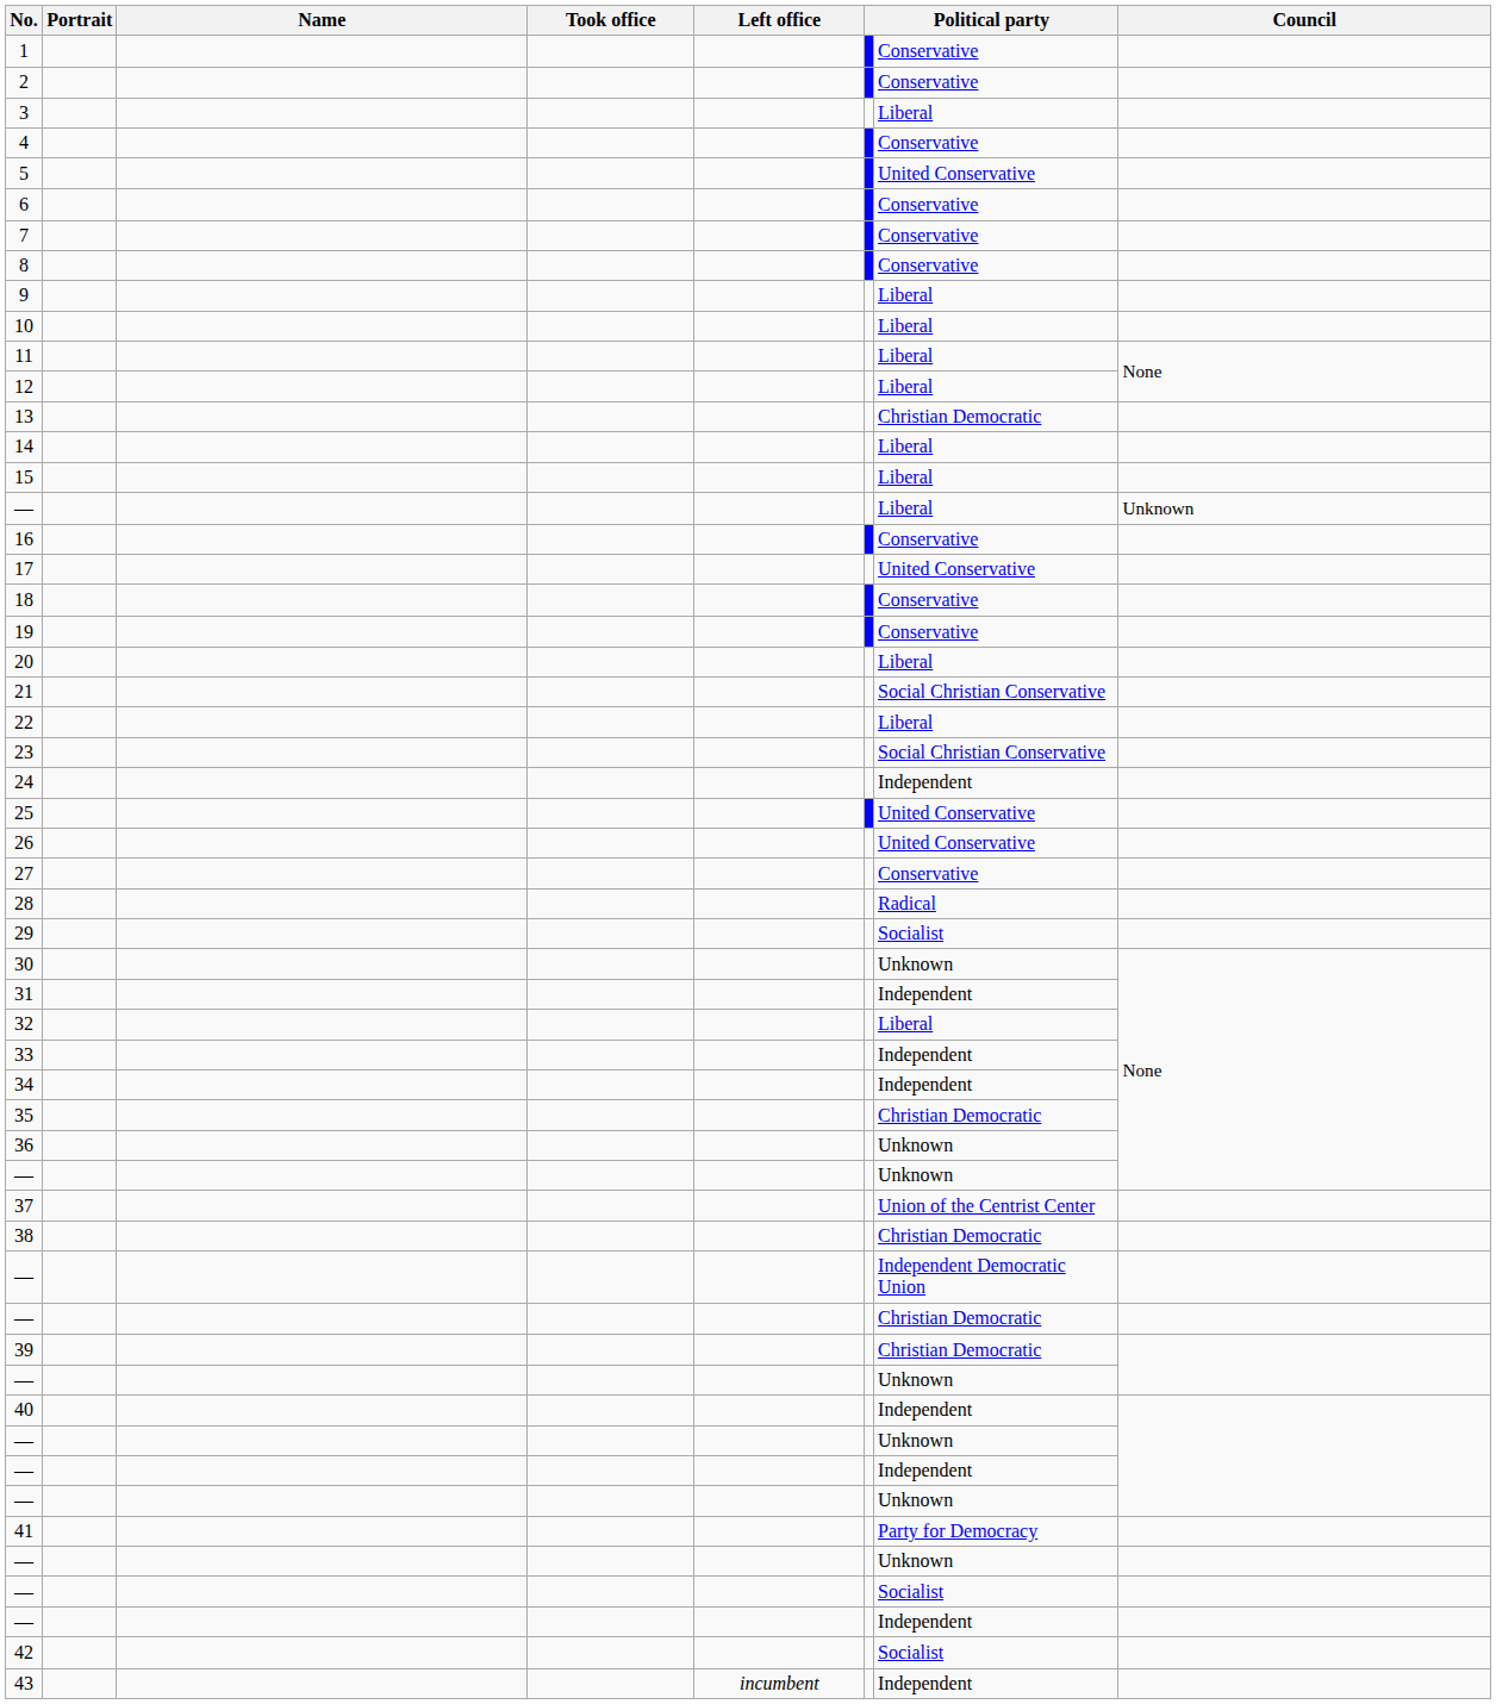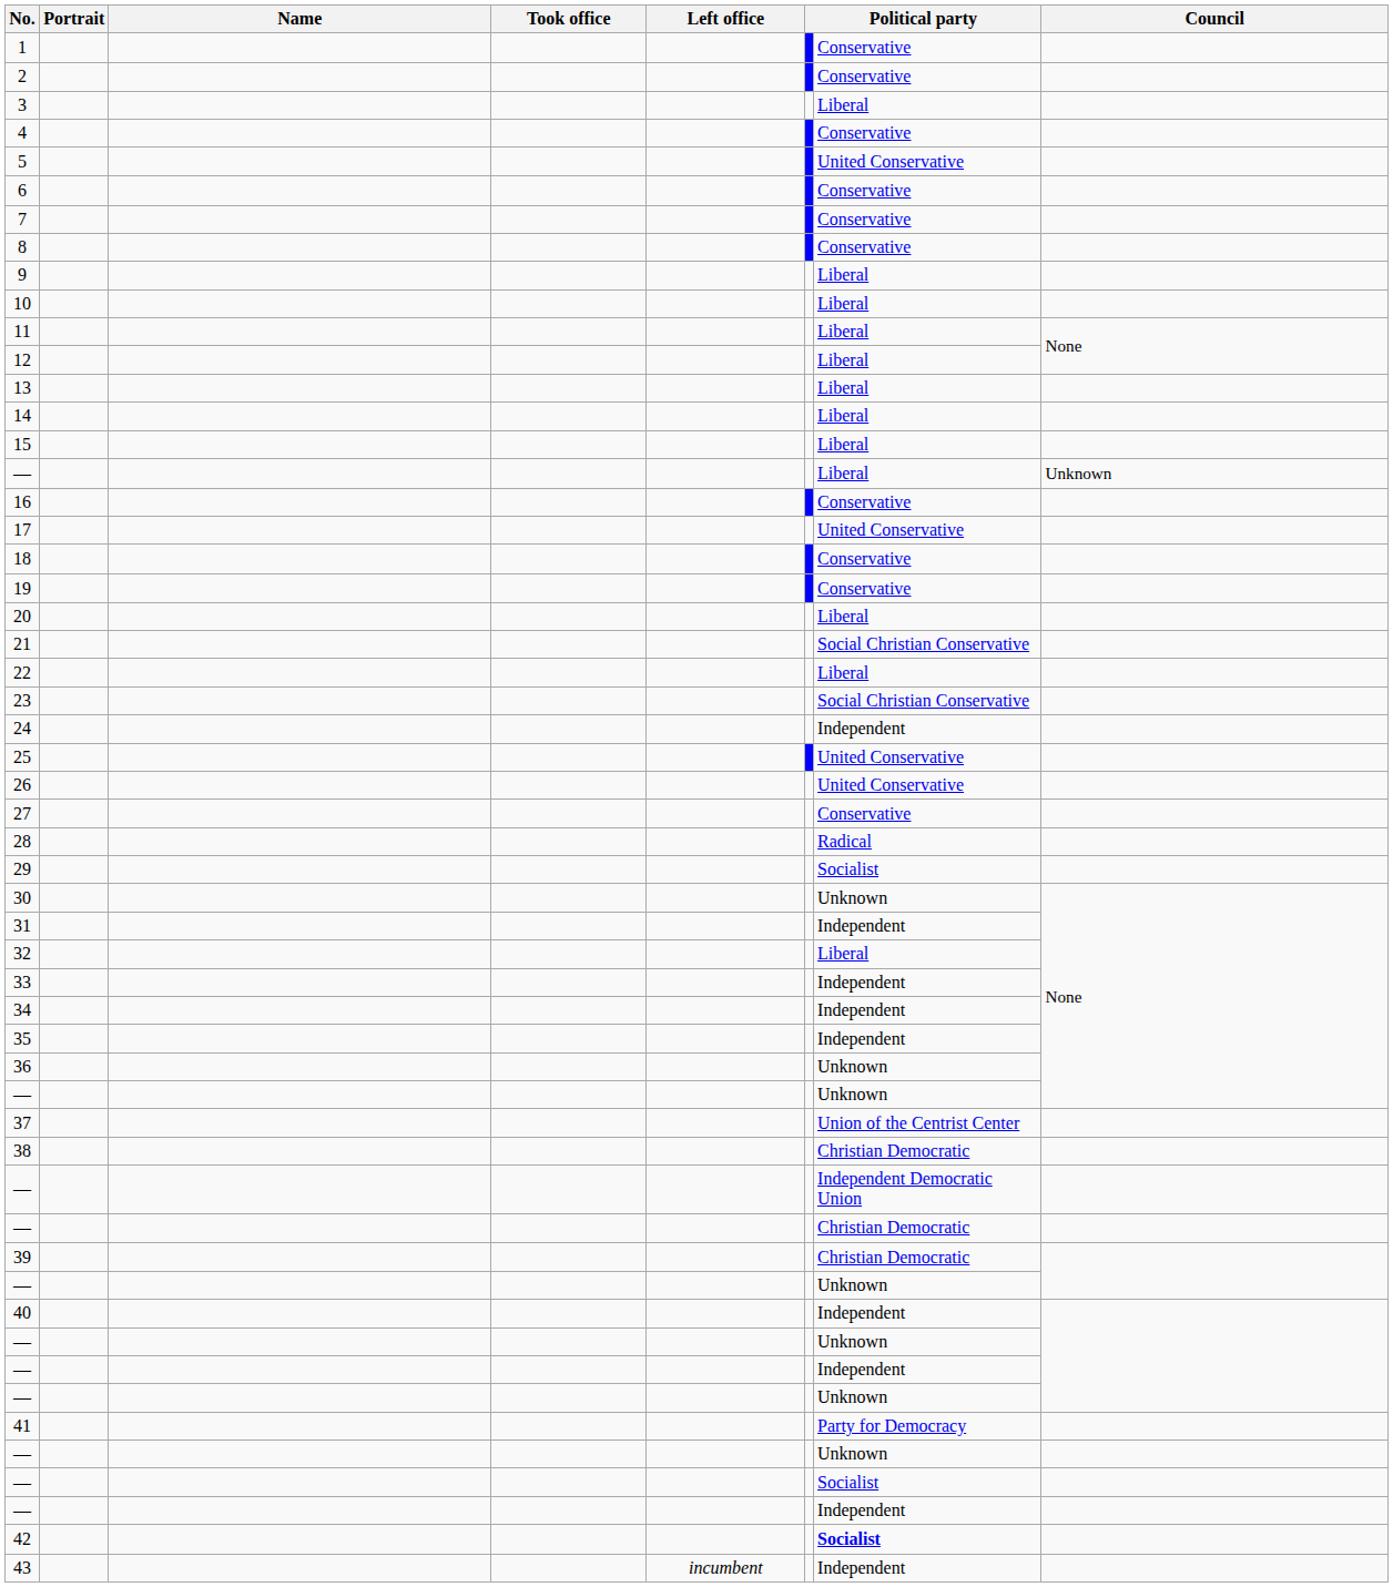 <table class="wikitable sortable">
 <tr>
 <th scope="col" width=1%  align=center>No.</th>
 <th scope="col" style="width:100px;" class=unsortable>Portrait</th>
 <th scope="col" width=30%>Name</th>
 <th scope="col" width=12%>Took office</th>
 <th scope="col" width=12%>Left office</th>
 <th scope="col" colspan="2" width=18% style="padding:0.1em 0em">Political party</th>
 <th scope="col" width=40% class=unsortable>Council</th>
 </tr>
 <tr>
 <td scope="row" style="text-align:center;">1</td>
 <td style="text-align:center;"></td>
 <td></td>
 <td style="text-align:center;"></td>
 <td style="text-align:center;"></td>
 <td bgcolor=blue></td>
 <td><a href='#'>Conservative</a></td>
 <td style="font-size:95%; line-height:1.3em;"><br>  </td>
 </tr>
 <tr>
 <td scope="row" style="text-align:center;">2</td>
 <td style="text-align:center;"></td>
 <td></td>
 <td style="text-align:center;"></td>
 <td style="text-align:center;"></td>
 <td bgcolor=blue></td>
 <td><a href='#'>Conservative</a></td>
 <td style="font-size:95%; line-height:1.3em;"></td>
 </tr>
 <tr>
 <td scope="row" style="text-align:center;">3</td>
 <td style="text-align:center;"></td>
 <td></td>
 <td style="text-align:center;"></td>
 <td style="text-align:center;"></td>
 <td bgcolor=></td>
 <td><a href='#'>Liberal</a></td>
 <td style="font-size:95%; line-height:1.3em;"></td>
 </tr>
 <tr>
 <td scope="row" style="text-align:center;">4</td>
 <td style="text-align:center;"></td>
 <td></td>
 <td style="text-align:center;"></td>
 <td style="text-align:center;"></td>
 <td bgcolor=blue></td>
 <td><a href='#'>Conservative</a></td>
 <td style="font-size:95%; line-height:1.3em;"></td>
 </tr>
 <tr>
 <td scope="row" style="text-align:center;">5</td>
 <td style="text-align:center;"></td>
 <td></td>
 <td style="text-align:center;"></td>
 <td style="text-align:center;"></td>
 <td bgcolor=blue></td>
 <td><a href='#'>United Conservative</a></td>
 <td style="font-size:95%; line-height:1.3em;"></td>
 </tr>
 <tr>
 <td scope="row" style="text-align:center;">6</td>
 <td style="text-align:center;"></td>
 <td></td>
 <td style="text-align:center;"></td>
 <td style="text-align:center;"></td>
 <td bgcolor=blue></td>
 <td><a href='#'>Conservative</a></td>
 <td style="font-size:95%; line-height:1.3em;"><br> </td>
 </tr>
 <tr>
 <td scope="row" style="text-align:center;">7</td>
 <td style="text-align:center;"></td>
 <td></td>
 <td style="text-align:center;"></td>
 <td style="text-align:center;"></td>
 <td bgcolor=blue></td>
 <td><a href='#'>Conservative</a></td>
 <td style="font-size:95%; line-height:1.3em;"></td>
 </tr>
 <tr>
 <td scope="row" style="text-align:center;">8</td>
 <td style="text-align:center;"></td>
 <td></td>
 <td style="text-align:center;"></td>
 <td style="text-align:center;"></td>
 <td bgcolor=blue></td>
 <td><a href='#'>Conservative</a></td>
 <td style="font-size:95%; line-height:1.3em;"></td>
 </tr>
 <tr>
 <td scope="row" style="text-align:center;">9</td>
 <td style="text-align:center;"></td>
 <td></td>
 <td style="text-align:center;"></td>
 <td style="text-align:center;"></td>
 <td bgcolor=></td>
 <td><a href='#'>Liberal</a></td>
 <td style="font-size:95%; line-height:1.3em;"></td>
 </tr>
 <tr>
 <td scope="row" style="text-align:center;">10</td>
 <td style="text-align:center;"></td>
 <td></td>
 <td style="text-align:center;"></td>
 <td style="text-align:center;"></td>
 <td bgcolor=></td>
 <td><a href='#'>Liberal</a></td>
 <td style="font-size:95%; line-height:1.3em;"></td>
 </tr>
 <tr>
 <td scope="row" style="text-align:center;">11</td>
 <td style="text-align:center;"></td>
 <td></td>
 <td style="text-align:center;"></td>
 <td style="text-align:center;"></td>
 <td bgcolor=></td>
 <td><a href='#'>Liberal</a></td>
 <td rowspan=2 style="font-size:95%; line-height:1.3em;">None</td>
 </tr>
 <tr>
 <td scope="row" style="text-align:center;">12</td>
 <td style="text-align:center;"></td>
 <td></td>
 <td style="text-align:center;"></td>
 <td style="text-align:center;"></td>
 <td bgcolor=></td>
 <td><a href='#'>Liberal</a></td>
 </tr>
 <tr>
 <td scope="row" style="text-align:center;">13</td>
 <td style="text-align:center;"></td>
 <td></td>
 <td style="text-align:center;"></td>
 <td style="text-align:center;"></td>
 <td bgcolor=></td>
-<td><a href='#'>Christian Democratic</a></td>
+<td><a href='#'>Liberal</a></td>
 <td style="font-size:95%; line-height:1.3em;"></td>
 </tr>
 <tr>
 <td scope="row" style="text-align:center;">14</td>
 <td style="text-align:center;"></td>
 <td></td>
 <td style="text-align:center;"></td>
 <td style="text-align:center;"></td>
 <td bgcolor=></td>
 <td><a href='#'>Liberal</a></td>
 <td style="font-size:95%; line-height:1.3em;"></td>
 </tr>
 <tr>
 <td scope="row" style="text-align:center;">15</td>
 <td style="text-align:center;"></td>
 <td></td>
 <td style="text-align:center;"></td>
 <td style="text-align:center;"></td>
 <td bgcolor=></td>
 <td><a href='#'>Liberal</a></td>
 <td style="font-size:95%; line-height:1.3em;"></td>
 </tr>
 <tr>
 <td scope="row" style="text-align:center;">—</td>
 <td style="text-align:center;"></td>
 <td></td>
 <td style="text-align:center;"></td>
 <td style="text-align:center;"></td>
 <td bgcolor=></td>
 <td><a href='#'>Liberal</a></td>
 <td style="font-size:95%; line-height:1.3em;">Unknown</td>
 </tr>
 <tr>
 <td scope="row" style="text-align:center;">16</td>
 <td style="text-align:center;"></td>
 <td></td>
 <td style="text-align:center;"></td>
 <td style="text-align:center;"></td>
 <td bgcolor=blue></td>
 <td><a href='#'>Conservative</a></td>
 <td style="font-size:95%; line-height:1.3em;"></td>
 </tr>
 <tr>
 <td scope="row" style="text-align:center;">17</td>
 <td style="text-align:center;"></td>
 <td></td>
 <td style="text-align:center;"></td>
 <td style="text-align:center;"></td>
 <td bgcolor=></td>
 <td><a href='#'>United Conservative</a></td>
 <td style="font-size:95%; line-height:1.3em;"></td>
 </tr>
 <tr>
 <td scope="row" style="text-align:center;">18</td>
 <td style="text-align:center;"></td>
 <td></td>
 <td style="text-align:center;"></td>
 <td style="text-align:center;"></td>
 <td bgcolor=blue></td>
 <td><a href='#'>Conservative</a></td>
 <td style="font-size:95%; line-height:1.3em;"><br></td>
 </tr>
 <tr>
 <td scope="row" style="text-align:center;">19</td>
 <td style="text-align:center;"></td>
 <td></td>
 <td style="text-align:center;"></td>
 <td style="text-align:center;"></td>
 <td bgcolor=blue></td>
 <td><a href='#'>Conservative</a></td>
 <td style="font-size:95%; line-height:1.3em;"></td>
 </tr>
 <tr>
 <td scope="row" style="text-align:center;">20</td>
 <td style="text-align:center;"></td>
 <td></td>
 <td style="text-align:center;"></td>
 <td style="text-align:center;"></td>
 <td bgcolor=></td>
 <td><a href='#'>Liberal</a></td>
 <td style="font-size:95%; line-height:1.3em;"></td>
 </tr>
 <tr>
 <td scope="row" style="text-align:center;">21</td>
 <td style="text-align:center;"></td>
 <td></td>
 <td style="text-align:center;"></td>
 <td style="text-align:center;"></td>
 <td bgcolor=></td>
 <td><a href='#'>Social Christian Conservative</a></td>
 <td style="font-size:95%; line-height:1.3em;"></td>
 </tr>
 <tr>
 <td scope="row" style="text-align:center;">22</td>
 <td style="text-align:center;"></td>
 <td></td>
 <td style="text-align:center;"></td>
 <td style="text-align:center;"></td>
 <td bgcolor=></td>
 <td><a href='#'>Liberal</a></td>
 <td style="font-size:95%; line-height:1.3em;"></td>
 </tr>
 <tr>
 <td scope="row" style="text-align:center;">23</td>
 <td style="text-align:center;"></td>
 <td></td>
 <td style="text-align:center;"></td>
 <td style="text-align:center;"></td>
 <td bgcolor=></td>
 <td><a href='#'>Social Christian Conservative</a></td>
 <td style="font-size:95%; line-height:1.3em;"></td>
 </tr>
 <tr>
 <td scope="row" style="text-align:center;">24</td>
 <td style="text-align:center;"></td>
 <td></td>
 <td style="text-align:center;"></td>
 <td style="text-align:center;"></td>
 <td bgcolor=></td>
 <td>Independent</td>
 <td style="font-size:95%; line-height:1.3em;"></td>
 </tr>
 <tr>
 <td scope="row" style="text-align:center;">25</td>
 <td style="text-align:center;"></td>
 <td></td>
 <td style="text-align:center;"></td>
 <td style="text-align:center;"></td>
 <td bgcolor=blue></td>
 <td><a href='#'>United Conservative</a></td>
 <td style="font-size:95%; line-height:1.3em;"></td>
 </tr>
 <tr>
 <td scope="row" style="text-align:center;">26</td>
 <td style="text-align:center;"></td>
 <td></td>
 <td style="text-align:center;"></td>
 <td style="text-align:center;"></td>
 <td></td>
 <td><a href='#'>United Conservative</a></td>
 <td style="font-size:95%; line-height:1.3em;"></td>
 </tr>
 <tr>
 <td scope="row" style="text-align:center;">27</td>
 <td style="text-align:center;"></td>
 <td></td>
 <td style="text-align:center;"></td>
 <td style="text-align:center;"></td>
 <td></td>
 <td><a href='#'>Conservative</a></td>
 <td style="font-size:95%; line-height:1.3em;"></td>
 </tr>
 <tr>
 <td scope="row" style="text-align:center;">28</td>
 <td style="text-align:center;"></td>
 <td></td>
 <td style="text-align:center;"></td>
 <td style="text-align:center;"></td>
 <td></td>
 <td><a href='#'>Radical</a></td>
 <td style="font-size:95%; line-height:1.3em;"></td>
 </tr>
 <tr>
 <td scope="row" style="text-align:center;">29</td>
 <td style="text-align:center;"></td>
 <td></td>
 <td style="text-align:center;"></td>
 <td style="text-align:center;"><br></td>
 <td></td>
 <td><a href='#'>Socialist</a></td>
 <td style="font-size:95%; line-height:1.3em;"></td>
 </tr>
 <tr>
 <td scope="row" style="text-align:center;">30</td>
 <td style="text-align:center;"></td>
 <td></td>
 <td style="text-align:center;"></td>
 <td style="text-align:center;"></td>
 <td></td>
 <td>Unknown</td>
 <td style="font-size:95%; line-height:1.3em;" rowspan=8>None</td>
 </tr>
 <tr>
 <td scope="row" style="text-align:center;">31</td>
 <td style="text-align:center;"></td>
 <td></td>
 <td style="text-align:center;"></td>
 <td style="text-align:center;"></td>
 <td bgcolor=></td>
 <td>Independent</td>
 </tr>
 <tr>
 <td scope="row" style="text-align:center;">32</td>
 <td style="text-align:center;"></td>
 <td></td>
 <td style="text-align:center;"></td>
 <td style="text-align:center;"></td>
 <td bgcolor=></td>
 <td><a href='#'>Liberal</a></td>
 </tr>
 <tr>
 <td scope="row" style="text-align:center;">33</td>
 <td style="text-align:center;"></td>
 <td></td>
 <td style="text-align:center;"></td>
 <td style="text-align:center;"></td>
 <td bgcolor=></td>
 <td>Independent</td>
 </tr>
 <tr>
 <td scope="row" style="text-align:center;">34</td>
 <td style="text-align:center;"></td>
 <td></td>
 <td style="text-align:center;"></td>
 <td style="text-align:center;"></td>
 <td bgcolor=></td>
 <td>Independent</td>
 </tr>
 <tr>
 <td scope="row" style="text-align:center;">35</td>
 <td style="text-align:center;"></td>
 <td></td>
 <td style="text-align:center;"></td>
 <td style="text-align:center;"></td>
 <td bgcolor=></td>
-<td><a href='#'>Christian Democratic</a></td>
+<td>Independent</td>
 </tr>
 <tr>
 <td scope="row" style="text-align:center;">36</td>
 <td style="text-align:center;"></td>
 <td></td>
 <td style="text-align:center;"></td>
 <td style="text-align:center;"></td>
 <td bgcolor=></td>
 <td>Unknown</td>
 </tr>
 <tr>
 <td scope="row" style="text-align:center;">—</td>
 <td style="text-align:center;"></td>
 <td></td>
 <td style="text-align:center;"></td>
 <td style="text-align:center;"></td>
 <td bgcolor=></td>
 <td>Unknown</td>
 </tr>
 <tr>
 <td scope="row" style="text-align:center;">37</td>
 <td style="text-align:center;"></td>
 <td></td>
 <td style="text-align:center;"></td>
 <td style="text-align:center;"></td>
 <td></td>
 <td><a href='#'>Union of the Centrist Center</a></td>
 <td style="font-size:95%; line-height:1.3em;"></td>
 </tr>
 <tr>
 <td scope="row" style="text-align:center;">38</td>
 <td style="text-align:center;"></td>
 <td></td>
 <td style="text-align:center;"></td>
 <td style="text-align:center;"></td>
 <td></td>
 <td><a href='#'>Christian Democratic</a></td>
 <td style="font-size:95%; line-height:1.3em;"></td>
 </tr>
 <tr>
 <td scope="row" style="text-align:center;">—</td>
 <td style="text-align:center;"></td>
 <td></td>
 <td style="text-align:center;"></td>
 <td style="text-align:center;"></td>
 <td></td>
 <td><a href='#'>Independent Democratic Union</a></td>
 <td style="font-size:95%; line-height:1.3em;"></td>
 </tr>
 <tr>
 <td scope="row" style="text-align:center;">—</td>
 <td style="text-align:center;"></td>
 <td></td>
 <td style="text-align:center;"></td>
 <td style="text-align:center;"></td>
 <td></td>
 <td><a href='#'>Christian Democratic</a></td>
 <td style="font-size:95%; line-height:1.3em;"><br> </td>
 </tr>
 <tr>
 <td scope="row" style="text-align:center;">39</td>
 <td style="text-align:center;"></td>
 <td></td>
 <td style="text-align:center;"></td>
 <td style="text-align:center;"></td>
 <td></td>
 <td><a href='#'>Christian Democratic</a></td>
 <td style="font-size:95%; line-height:1.3em;" rowspan=2></td>
 </tr>
 <tr>
 <td scope="row" style="text-align:center;">—</td>
 <td style="text-align:center;"></td>
 <td></td>
 <td style="text-align:center;"></td>
 <td style="text-align:center;"></td>
 <td bgcolor=></td>
 <td>Unknown</td>
 </tr>
 <tr>
 <td scope="row" style="text-align:center;">40</td>
 <td style="text-align:center;"></td>
 <td></td>
 <td style="text-align:center;"></td>
 <td style="text-align:center;"></td>
 <td></td>
 <td>Independent</td>
 <td style="font-size:95%; line-height:1.3em;" rowspan=4></td>
 </tr>
 <tr>
 <td scope="row" style="text-align:center;">—</td>
 <td style="text-align:center;"></td>
 <td></td>
 <td style="text-align:center;"></td>
 <td style="text-align:center;"></td>
 <td bgcolor=></td>
 <td>Unknown</td>
 </tr>
 <tr>
 <td scope="row" style="text-align:center;">—</td>
 <td style="text-align:center;"></td>
 <td></td>
 <td style="text-align:center;"></td>
 <td style="text-align:center;"></td>
 <td></td>
 <td>Independent</td>
 </tr>
 <tr>
 <td scope="row" style="text-align:center;">—</td>
 <td style="text-align:center;"></td>
 <td></td>
 <td style="text-align:center;"></td>
 <td style="text-align:center;"></td>
 <td bgcolor=></td>
 <td>Unknown</td>
 </tr>
 <tr>
 <td scope="row" style="text-align:center;">41</td>
 <td style="text-align:center;"></td>
 <td></td>
 <td style="text-align:center;"></td>
 <td style="text-align:center;"></td>
 <td bgcolor=></td>
 <td><a href='#'>Party for Democracy</a></td>
 <td style="font-size:95%; line-height:1.3em;"></td>
 </tr>
 <tr>
 <td scope="row" style="text-align:center;">—</td>
 <td style="text-align:center;"></td>
 <td></td>
 <td style="text-align:center;"></td>
 <td style="text-align:center;"></td>
 <td bgcolor=></td>
 <td>Unknown</td>
 <td style="font-size:95%; line-height:1.3em;"></td>
 </tr>
 <tr>
 <td scope="row" style="text-align:center;">—</td>
 <td style="text-align:center;"></td>
 <td></td>
 <td style="text-align:center;"></td>
 <td style="text-align:center;"></td>
 <td></td>
 <td><a href='#'>Socialist</a></td>
 <td style="font-size:95%; line-height:1.3em;"></td>
 </tr>
 <tr>
 <td scope="row" style="text-align:center;">—</td>
 <td style="text-align:center;"></td>
 <td></td>
 <td style="text-align:center;"></td>
 <td style="text-align:center;"></td>
 <td></td>
 <td>Independent</td>
 <td style="font-size:95%; line-height:1.3em;"></td>
 </tr>
 <tr>
 <td scope="row" style="text-align:center;">42</td>
 <td style="text-align:center;"></td>
 <td></td>
 <td style="text-align:center;"></td>
 <td style="text-align:center;"></td>
 <td></td>
-<td><a href='#'>Socialist</a></td>
+<td><strong><a href='#'>Socialist</a></strong></td>
 <td style="font-size:95%; line-height:1.3em;"><br> </td>
 </tr>
 <tr>
 <td scope="row" style="text-align:center;">43</td>
 <td style="text-align:center;"></td>
 <td></td>
 <td style="text-align:center;"></td>
 <td style="text-align:center;"><em>incumbent</em></td>
 <td></td>
 <td>Independent</td>
 <td style="font-size:95%; line-height:1.3em;"></td>
 </tr>
 </table>
